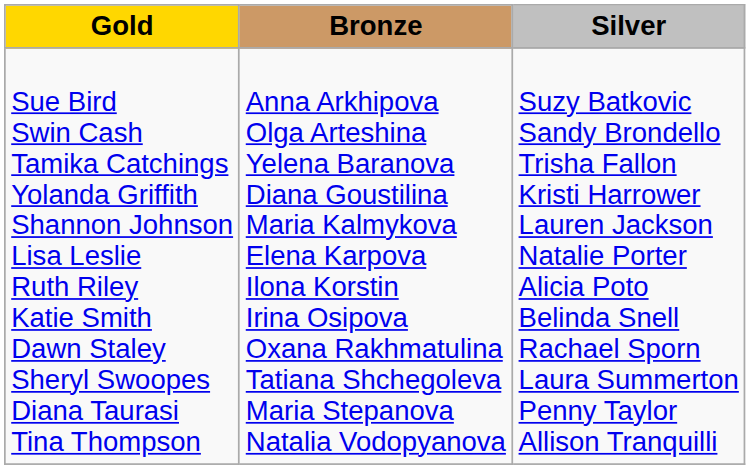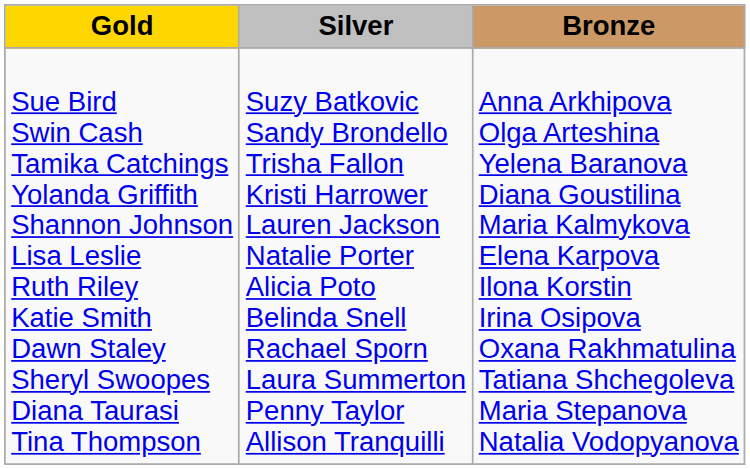 <table class="wikitable">
 <tr>
 <th style="background:gold">Gold</th>
+<th style="background:silver">Silver</th>
 <th style="background:#CC9966">Bronze</th>
-<th style="background:silver">Silver</th>
 </tr>
 <tr>
 <td valign=top><br><a href='#'>Sue Bird</a><br><a href='#'>Swin Cash</a><br><a href='#'>Tamika Catchings</a><br><a href='#'>Yolanda Griffith</a><br><a href='#'>Shannon Johnson</a><br><a href='#'>Lisa Leslie</a><br><a href='#'>Ruth Riley</a><br><a href='#'>Katie Smith</a><br><a href='#'>Dawn Staley</a><br><a href='#'>Sheryl Swoopes</a><br><a href='#'>Diana Taurasi</a><br><a href='#'>Tina Thompson</a></td>
+<td valign=top><br><a href='#'>Suzy Batkovic</a><br><a href='#'>Sandy Brondello</a><br><a href='#'>Trisha Fallon</a><br><a href='#'>Kristi Harrower</a><br><a href='#'>Lauren Jackson</a><br><a href='#'>Natalie Porter</a><br><a href='#'>Alicia Poto</a><br><a href='#'>Belinda Snell</a><br><a href='#'>Rachael Sporn</a><br><a href='#'>Laura Summerton</a><br><a href='#'>Penny Taylor</a><br><a href='#'>Allison Tranquilli</a></td>
 <td valign=top><br><a href='#'>Anna Arkhipova</a><br><a href='#'>Olga Arteshina</a><br><a href='#'>Yelena Baranova</a><br><a href='#'>Diana Goustilina</a><br><a href='#'>Maria Kalmykova</a><br><a href='#'>Elena Karpova</a><br><a href='#'>Ilona Korstin</a><br><a href='#'>Irina Osipova</a><br><a href='#'>Oxana Rakhmatulina</a><br><a href='#'>Tatiana Shchegoleva</a><br><a href='#'>Maria Stepanova</a><br><a href='#'>Natalia Vodopyanova</a></td>
-<td valign=top><br><a href='#'>Suzy Batkovic</a><br><a href='#'>Sandy Brondello</a><br><a href='#'>Trisha Fallon</a><br><a href='#'>Kristi Harrower</a><br><a href='#'>Lauren Jackson</a><br><a href='#'>Natalie Porter</a><br><a href='#'>Alicia Poto</a><br><a href='#'>Belinda Snell</a><br><a href='#'>Rachael Sporn</a><br><a href='#'>Laura Summerton</a><br><a href='#'>Penny Taylor</a><br><a href='#'>Allison Tranquilli</a></td>
 </tr>
 </table>
